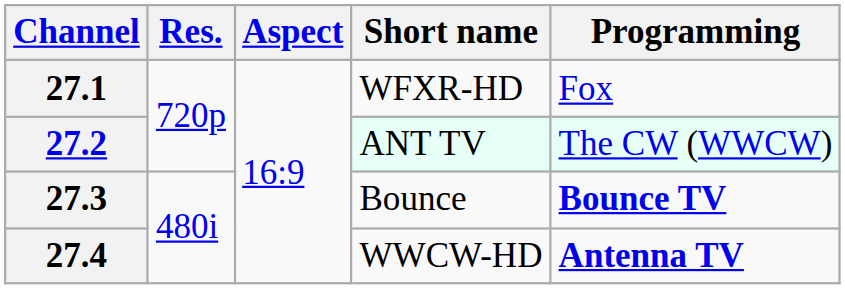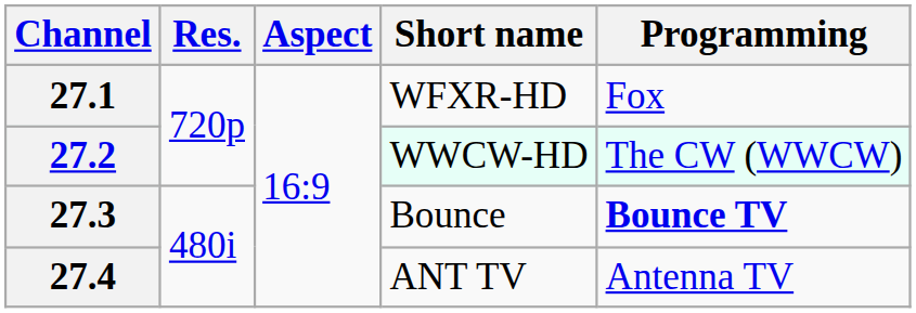 <table class="wikitable">
 <tr>
 <th scope = "col"><a href='#'>Channel</a></th>
 <th scope = "col"><a href='#'>Res.</a></th>
 <th scope = "col"><a href='#'>Aspect</a></th>
 <th scope = "col">Short name</th>
 <th scope = "col">Programming</th>
 </tr>
 <tr>
 <th scope = "row">27.1</th>
 <td rowspan="2"><a href='#'>720p</a></td>
 <td rowspan="4"><a href='#'>16:9</a></td>
 <td>WFXR-HD</td>
 <td><a href='#'>Fox</a></td>
 </tr>
 <tr style="background-color: #E6FFF7;">
 <th scope = "row"><a href='#'>27.2</a></th>
-<td>ANT TV</td>
+<td>WWCW-HD</td>
 <td><a href='#'>The CW</a> (<a href='#'>WWCW</a>)</td>
 </tr>
 <tr>
 <th scope = "row">27.3</th>
 <td rowspan=2><a href='#'>480i</a></td>
 <td>Bounce</td>
 <td><strong><a href='#'>Bounce TV</a></strong></td>
 </tr>
 <tr>
 <th scope = "row">27.4</th>
-<td>WWCW-HD</td>
-<td><strong><a href='#'>Antenna TV</a></strong></td>
+<td>ANT TV</td>
+<td><a href='#'>Antenna TV</a></td>
 </tr>
 </table>
